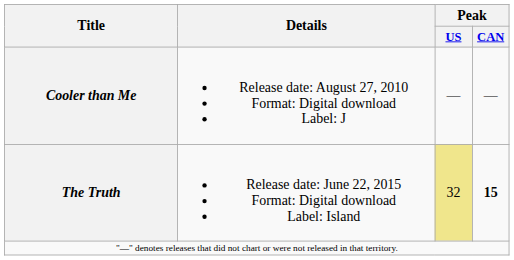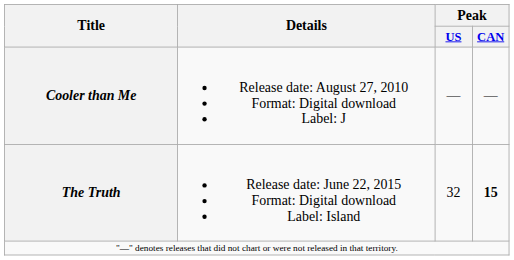 <table class="wikitable plainrowheaders" style="text-align:center;">
 <tr>
 <th scope="col" style="width:12em;" rowspan="2">Title</th>
 <th scope="col" style="width:18em;" rowspan="2">Details</th>
 <th scope="col" colspan="2">Peak</th>
 </tr>
 <tr>
 <th scope="col" style="width:2.5em;font-size:90%;"><a href='#'>US</a><br></th>
 <th scope="col" style="width:2.5em;font-size:90%;"><a href='#'>CAN</a><br></th>
 </tr>
 <tr>
 <th scope="row"><em>Cooler than Me</em></th>
 <td><br><ul><li>Release date: August 27, 2010</li><li>Format: Digital download</li><li>Label: J</li></ul></td>
 <td>—</td>
 <td>—</td>
 </tr>
 <tr>
 <th scope="row"><em>The Truth</em></th>
 <td><br><ul><li>Release date: June 22, 2015</li><li>Format: Digital download</li><li>Label: Island</li></ul></td>
-<td style="background: khaki;">32</td>
+<td>32</td>
 <td><strong>15</strong></td>
 </tr>
 <tr>
 <td colspan="15" style="text-align:center; font-size:8pt;">"—" denotes releases that did not chart or were not released in that territory.</td>
 </tr>
 </table>
